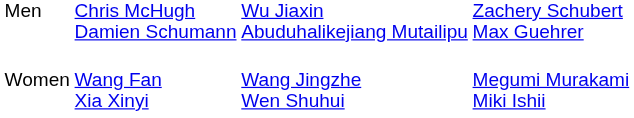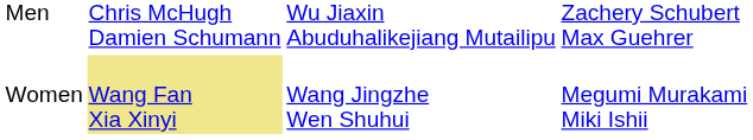 <table>
 <tr>
 <td>Men</td>
 <td><br><a href='#'>Chris McHugh</a><br><a href='#'>Damien Schumann</a></td>
 <td><br><a href='#'>Wu Jiaxin</a><br><a href='#'>Abuduhalikejiang Mutailipu</a></td>
 <td><br><a href='#'>Zachery Schubert</a><br><a href='#'>Max Guehrer</a></td>
 </tr>
 <tr>
 <td>Women</td>
-<td><br><a href='#'>Wang Fan</a><br><a href='#'>Xia Xinyi</a></td>
+<td style="background: khaki;"><br><a href='#'>Wang Fan</a><br><a href='#'>Xia Xinyi</a></td>
 <td><br><a href='#'>Wang Jingzhe</a><br><a href='#'>Wen Shuhui</a></td>
 <td><br><a href='#'>Megumi Murakami</a><br><a href='#'>Miki Ishii</a></td>
 </tr>
 </table>
